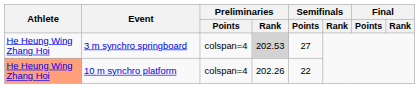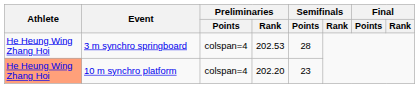 <table class="wikitable" style="text-align:center; font-size:90%; width:50%;">
 <tr>
 <th rowspan=2>Athlete</th>
 <th rowspan=2>Event</th>
 <th colspan=2>Preliminaries</th>
 <th colspan=2>Semifinals</th>
 <th colspan=2>Final</th>
 </tr>
 <tr style="font-size:95%">
 <th>Points</th>
 <th>Rank</th>
 <th>Points</th>
 <th>Rank</th>
 <th>Points</th>
 <th>Rank</th>
 </tr>
 <tr>
 <td align=left><a href='#'>He Heung Wing</a><br><a href='#'>Zhang Hoi</a></td>
 <td align=left><a href='#'>3 m synchro springboard</a></td>
 <td>colspan=4 </td>
-<td style="background: lightgrey;">202.53</td>
-<td>27</td>
+<td>202.53</td>
+<td>28</td>
 </tr>
 <tr>
 <td align=left style="background: lightsalmon;"><a href='#'>He Heung Wing</a><br><a href='#'>Zhang Hoi</a></td>
 <td align=left><a href='#'>10 m synchro platform</a></td>
 <td>colspan=4 </td>
-<td>202.26</td>
-<td>22</td>
+<td>202.20</td>
+<td>23</td>
 </tr>
 </table>
